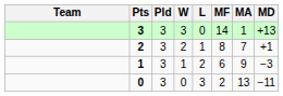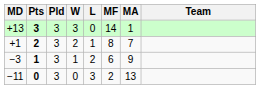 <table class=wikitable style="text-align:center">
 <tr>
-<th width=175>Team</th>
+<th width=20>MD</th>
 <th width=20>Pts</th>
 <th width=20>Pld</th>
 <th width=20>W</th>
 <th width=20>L</th>
 <th width=20>MF</th>
 <th width=20>MA</th>
-<th width=20>MD</th>
+<th width=175>Team</th>
 </tr>
 <tr bgcolor=#ccffcc>
-<td align=left></td>
+<td>+13</td>
 <td><strong>3</strong></td>
 <td>3</td>
 <td>3</td>
 <td>0</td>
 <td>14</td>
 <td>1</td>
-<td>+13</td>
+<td align=left></td>
 </tr>
 <tr>
-<td align=left></td>
+<td>+1</td>
 <td><strong>2</strong></td>
 <td>3</td>
 <td>2</td>
 <td>1</td>
 <td>8</td>
 <td>7</td>
-<td>+1</td>
+<td align=left></td>
 </tr>
 <tr>
-<td align=left></td>
+<td>−3</td>
 <td><strong>1</strong></td>
 <td>3</td>
 <td>1</td>
 <td>2</td>
 <td>6</td>
 <td>9</td>
-<td>−3</td>
+<td align=left></td>
 </tr>
 <tr>
-<td align=left></td>
+<td>−11</td>
 <td><strong>0</strong></td>
 <td>3</td>
 <td>0</td>
 <td>3</td>
 <td>2</td>
 <td>13</td>
-<td>−11</td>
+<td align=left></td>
 </tr>
 </table>
